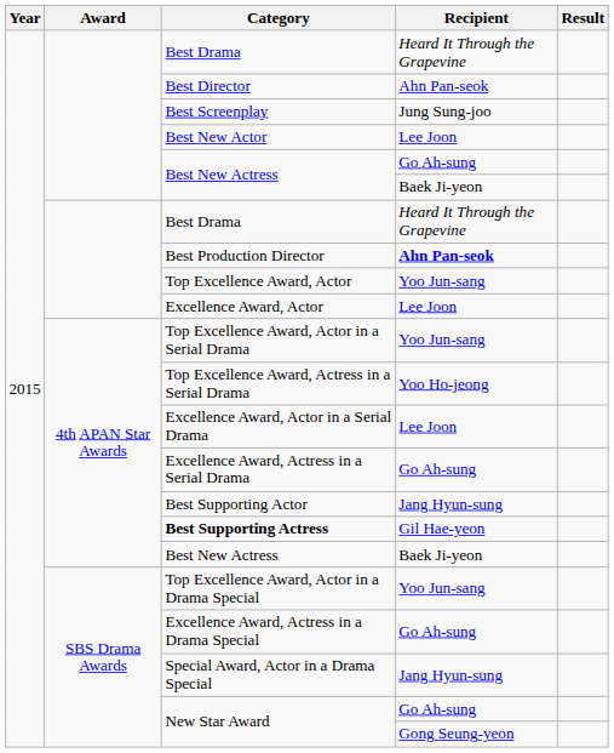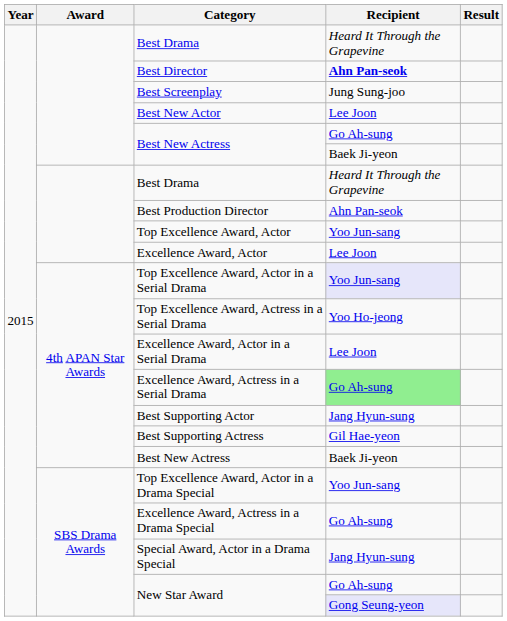 <table class="wikitable">
 <tr>
 <th>Year</th>
 <th>Award</th>
 <th>Category</th>
 <th>Recipient</th>
 <th>Result</th>
 </tr>
 <tr>
 <td rowspan=22>2015</td>
 <td rowspan=6></td>
 <td><a href='#'>Best Drama</a></td>
 <td><em>Heard It Through the Grapevine</em></td>
 <td></td>
 </tr>
 <tr>
 <td><a href='#'>Best Director</a></td>
-<td><a href='#'>Ahn Pan-seok</a></td>
+<td><strong><a href='#'>Ahn Pan-seok</a></strong></td>
 <td></td>
 </tr>
 <tr>
 <td><a href='#'>Best Screenplay</a></td>
 <td>Jung Sung-joo</td>
 <td></td>
 </tr>
 <tr>
 <td><a href='#'>Best New Actor</a></td>
 <td><a href='#'>Lee Joon</a></td>
 <td></td>
 </tr>
 <tr>
 <td rowspan=2><a href='#'>Best New Actress</a></td>
 <td><a href='#'>Go Ah-sung</a></td>
 <td></td>
 </tr>
 <tr>
 <td>Baek Ji-yeon</td>
 <td></td>
 </tr>
 <tr>
 <td rowspan=4></td>
 <td>Best Drama</td>
 <td><em>Heard It Through the Grapevine</em></td>
 <td></td>
 </tr>
 <tr>
 <td>Best Production Director</td>
-<td><strong><a href='#'>Ahn Pan-seok</a></strong></td>
+<td><a href='#'>Ahn Pan-seok</a></td>
 <td></td>
 </tr>
 <tr>
 <td>Top Excellence Award, Actor</td>
 <td><a href='#'>Yoo Jun-sang</a></td>
 <td></td>
 </tr>
 <tr>
 <td>Excellence Award, Actor</td>
 <td><a href='#'>Lee Joon</a></td>
 <td></td>
 </tr>
 <tr>
 <td rowspan=7 align="center"><a href='#'>4th</a> <a href='#'>APAN Star Awards</a></td>
 <td>Top Excellence Award, Actor in a Serial Drama</td>
-<td><a href='#'>Yoo Jun-sang</a></td>
+<td style="background: lavender;"><a href='#'>Yoo Jun-sang</a></td>
 <td></td>
 </tr>
 <tr>
 <td>Top Excellence Award, Actress in a Serial Drama</td>
 <td><a href='#'>Yoo Ho-jeong</a></td>
 <td></td>
 </tr>
 <tr>
 <td>Excellence Award, Actor in a Serial Drama</td>
 <td><a href='#'>Lee Joon</a></td>
 <td></td>
 </tr>
 <tr>
 <td>Excellence Award, Actress in a Serial Drama</td>
-<td><a href='#'>Go Ah-sung</a></td>
+<td style="background: lightgreen;"><a href='#'>Go Ah-sung</a></td>
 <td></td>
 </tr>
 <tr>
 <td>Best Supporting Actor</td>
 <td><a href='#'>Jang Hyun-sung</a></td>
 <td></td>
 </tr>
 <tr>
-<td><strong>Best Supporting Actress</strong></td>
+<td>Best Supporting Actress</td>
 <td><a href='#'>Gil Hae-yeon</a></td>
 <td></td>
 </tr>
 <tr>
 <td>Best New Actress</td>
 <td>Baek Ji-yeon</td>
 <td></td>
 </tr>
 <tr>
 <td rowspan=5 align="center"><a href='#'>SBS Drama Awards</a></td>
 <td>Top Excellence Award, Actor in a Drama Special</td>
 <td><a href='#'>Yoo Jun-sang</a></td>
 <td></td>
 </tr>
 <tr>
 <td>Excellence Award, Actress in a Drama Special</td>
 <td><a href='#'>Go Ah-sung</a></td>
 <td></td>
 </tr>
 <tr>
 <td>Special Award, Actor in a Drama Special</td>
 <td><a href='#'>Jang Hyun-sung</a></td>
 <td></td>
 </tr>
 <tr>
 <td rowspan=2>New Star Award</td>
 <td><a href='#'>Go Ah-sung</a></td>
 <td></td>
 </tr>
 <tr>
-<td><a href='#'>Gong Seung-yeon</a></td>
+<td style="background: lavender;"><a href='#'>Gong Seung-yeon</a></td>
 <td></td>
 </tr>
 </table>
